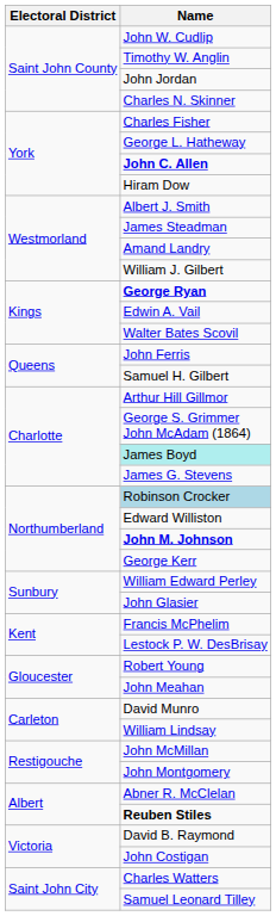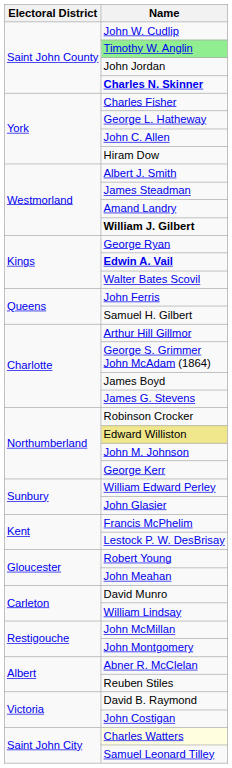 <table class="wikitable">
 <tr>
 <th>Electoral District</th>
 <th>Name</th>
 </tr>
 <tr>
 <td rowspan="4"><a href='#'>Saint John County</a></td>
 <td><a href='#'>John W. Cudlip</a></td>
 </tr>
 <tr>
-<td><a href='#'>Timothy W. Anglin</a></td>
+<td style="background: lightgreen;"><a href='#'>Timothy W. Anglin</a></td>
 </tr>
 <tr>
 <td>John Jordan</td>
 </tr>
 <tr>
-<td><a href='#'>Charles N. Skinner</a></td>
+<td><strong><a href='#'>Charles N. Skinner</a></strong></td>
 </tr>
 <tr>
 <td rowspan="4"><a href='#'>York</a></td>
 <td><a href='#'>Charles Fisher</a></td>
 </tr>
 <tr>
 <td><a href='#'>George L. Hatheway</a></td>
 </tr>
 <tr>
-<td><strong><a href='#'>John C. Allen</a></strong></td>
+<td><a href='#'>John C. Allen</a></td>
 </tr>
 <tr>
 <td>Hiram Dow</td>
 </tr>
 <tr>
 <td rowspan="4"><a href='#'>Westmorland</a></td>
 <td><a href='#'>Albert J. Smith</a></td>
 </tr>
 <tr>
 <td><a href='#'>James Steadman</a></td>
 </tr>
 <tr>
 <td><a href='#'>Amand Landry</a></td>
 </tr>
 <tr>
-<td>William J. Gilbert</td>
+<td><strong>William J. Gilbert</strong></td>
 </tr>
 <tr>
 <td rowspan="3"><a href='#'>Kings</a></td>
-<td><strong><a href='#'>George Ryan</a></strong></td>
+<td><a href='#'>George Ryan</a></td>
 </tr>
 <tr>
-<td><a href='#'>Edwin A. Vail</a></td>
+<td><strong><a href='#'>Edwin A. Vail</a></strong></td>
 </tr>
 <tr>
 <td><a href='#'>Walter Bates Scovil</a></td>
 </tr>
 <tr>
 <td rowspan="2"><a href='#'>Queens</a></td>
 <td><a href='#'>John Ferris</a></td>
 </tr>
 <tr>
 <td>Samuel H. Gilbert</td>
 </tr>
 <tr>
 <td rowspan="4"><a href='#'>Charlotte</a></td>
 <td><a href='#'>Arthur Hill Gillmor</a></td>
 </tr>
 <tr>
 <td><a href='#'>George S. Grimmer</a><br><a href='#'>John McAdam</a> (1864)</td>
 </tr>
 <tr>
-<td style="background: paleturquoise;">James Boyd</td>
+<td>James Boyd</td>
 </tr>
 <tr>
 <td><a href='#'>James G. Stevens</a></td>
 </tr>
 <tr>
 <td rowspan="4"><a href='#'>Northumberland</a></td>
-<td style="background: lightblue;">Robinson Crocker</td>
+<td>Robinson Crocker</td>
 </tr>
 <tr>
-<td>Edward Williston</td>
+<td style="background: khaki;">Edward Williston</td>
 </tr>
 <tr>
-<td><strong><a href='#'>John M. Johnson</a></strong></td>
+<td><a href='#'>John M. Johnson</a></td>
 </tr>
 <tr>
 <td><a href='#'>George Kerr</a></td>
 </tr>
 <tr>
 <td rowspan="2"><a href='#'>Sunbury</a></td>
 <td><a href='#'>William Edward Perley</a></td>
 </tr>
 <tr>
 <td><a href='#'>John Glasier</a></td>
 </tr>
 <tr>
 <td rowspan="2"><a href='#'>Kent</a></td>
 <td><a href='#'>Francis McPhelim</a></td>
 </tr>
 <tr>
 <td><a href='#'>Lestock P. W. DesBrisay</a></td>
 </tr>
 <tr>
 <td rowspan="2"><a href='#'>Gloucester</a></td>
 <td><a href='#'>Robert Young</a></td>
 </tr>
 <tr>
 <td><a href='#'>John Meahan</a></td>
 </tr>
 <tr>
 <td rowspan="2"><a href='#'>Carleton</a></td>
 <td>David Munro</td>
 </tr>
 <tr>
 <td><a href='#'>William Lindsay</a></td>
 </tr>
 <tr>
 <td rowspan="2"><a href='#'>Restigouche</a></td>
 <td><a href='#'>John McMillan</a></td>
 </tr>
 <tr>
 <td><a href='#'>John Montgomery</a></td>
 </tr>
 <tr>
 <td rowspan="2"><a href='#'>Albert</a></td>
 <td><a href='#'>Abner R. McClelan</a></td>
 </tr>
 <tr>
-<td><strong>Reuben Stiles</strong></td>
+<td>Reuben Stiles</td>
 </tr>
 <tr>
 <td rowspan="2"><a href='#'>Victoria</a></td>
 <td>David B. Raymond</td>
 </tr>
 <tr>
 <td><a href='#'>John Costigan</a></td>
 </tr>
 <tr>
 <td rowspan="2"><a href='#'>Saint John City</a></td>
-<td><a href='#'>Charles Watters</a></td>
+<td style="background: lightyellow;"><a href='#'>Charles Watters</a></td>
 </tr>
 <tr>
 <td><a href='#'>Samuel Leonard Tilley</a></td>
 </tr>
 </table>
